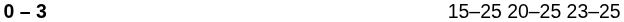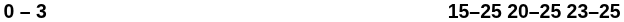 <table width=100% cellspacing=1>
 <tr>
 <th width=20%></th>
 <th width=12%></th>
 <th width=20%></th>
 <th width=33%></th>
 <td></td>
 </tr>
 <tr style=font-size:95%>
 <td align=right></td>
 <td align=center><strong>0 – 3</strong></td>
 <td><strong></strong></td>
-<td>15–25 20–25 23–25</td>
+<td><strong>15–25 20–25 23–25</strong></td>
 </tr>
 </table>
